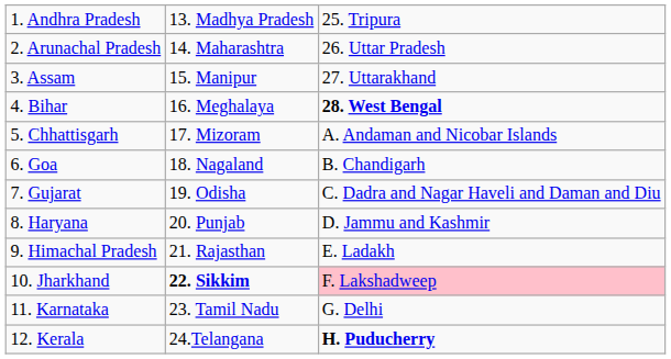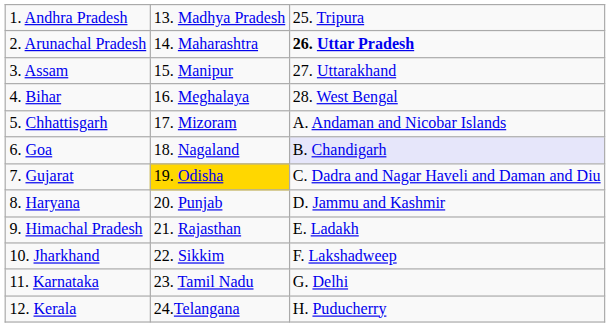 <table class="wikitable sortable floatright" style="font-size:85%; text-align:right; margin:0 0 1.5em 1.5em;">
 <tr>
 <td style="text-align:left;">1. <a href='#'>Andhra Pradesh</a></td>
 <td style="text-align:left;">13. <a href='#'>Madhya Pradesh</a></td>
 <td style="text-align:left;">25. <a href='#'>Tripura</a></td>
 </tr>
 <tr>
 <td style="text-align:left;">2. <a href='#'>Arunachal Pradesh</a></td>
 <td style="text-align:left;">14. <a href='#'>Maharashtra</a></td>
-<td style="text-align:left;">26. <a href='#'>Uttar Pradesh</a></td>
+<td style="text-align:left;"><strong>26. <a href='#'>Uttar Pradesh</a></strong></td>
 </tr>
 <tr>
 <td style="text-align:left;">3. <a href='#'>Assam</a></td>
 <td style="text-align:left;">15. <a href='#'>Manipur</a></td>
 <td style="text-align:left;">27. <a href='#'>Uttarakhand</a></td>
 </tr>
 <tr>
 <td style="text-align:left;">4. <a href='#'>Bihar</a></td>
 <td style="text-align:left;">16. <a href='#'>Meghalaya</a></td>
-<td style="text-align:left;"><strong>28. <a href='#'>West Bengal</a></strong></td>
+<td style="text-align:left;">28. <a href='#'>West Bengal</a></td>
 </tr>
 <tr>
 <td style="text-align:left;">5. <a href='#'>Chhattisgarh</a></td>
 <td style="text-align:left;">17. <a href='#'>Mizoram</a></td>
 <td style="text-align:left;">A. <a href='#'>Andaman and Nicobar Islands</a></td>
 </tr>
 <tr>
 <td style="text-align:left;">6. <a href='#'>Goa</a></td>
 <td style="text-align:left;">18. <a href='#'>Nagaland</a></td>
-<td style="text-align:left;">B. <a href='#'>Chandigarh</a></td>
+<td style="background: lavender; text-align:left;">B. <a href='#'>Chandigarh</a></td>
 </tr>
 <tr>
 <td style="text-align:left;">7. <a href='#'>Gujarat</a></td>
-<td style="text-align:left;">19. <a href='#'>Odisha</a></td>
+<td style="background: gold; text-align:left;">19. <a href='#'>Odisha</a></td>
 <td style="text-align:left;">C. <a href='#'>Dadra and Nagar Haveli and Daman and Diu</a></td>
 </tr>
 <tr>
 <td style="text-align:left;">8. <a href='#'>Haryana</a></td>
 <td style="text-align:left;">20. <a href='#'>Punjab</a></td>
 <td style="text-align:left;">D. <a href='#'>Jammu and Kashmir</a></td>
 </tr>
 <tr>
 <td style="text-align:left;">9. <a href='#'>Himachal Pradesh</a></td>
 <td style="text-align:left;">21. <a href='#'>Rajasthan</a></td>
 <td style="text-align:left;">E. <a href='#'>Ladakh</a></td>
 </tr>
 <tr>
 <td style="text-align:left;">10. <a href='#'>Jharkhand</a></td>
-<td style="text-align:left;"><strong>22. <a href='#'>Sikkim</a></strong></td>
-<td style="background: pink; text-align:left;">F. <a href='#'>Lakshadweep</a></td>
+<td style="text-align:left;">22. <a href='#'>Sikkim</a></td>
+<td style="text-align:left;">F. <a href='#'>Lakshadweep</a></td>
 </tr>
 <tr>
 <td style="text-align:left;">11. <a href='#'>Karnataka</a><br></td>
 <td style="text-align:left;">23. <a href='#'>Tamil Nadu</a></td>
 <td style="text-align:left;">G. <a href='#'>Delhi</a></td>
 </tr>
 <tr>
 <td style="text-align:left;">12. <a href='#'>Kerala</a></td>
 <td style="text-align:left;">24.<a href='#'>Telangana</a></td>
-<td style="text-align:left;"><strong>H. <a href='#'>Puducherry</a></strong></td>
+<td style="text-align:left;">H. <a href='#'>Puducherry</a></td>
 </tr>
 </table>
